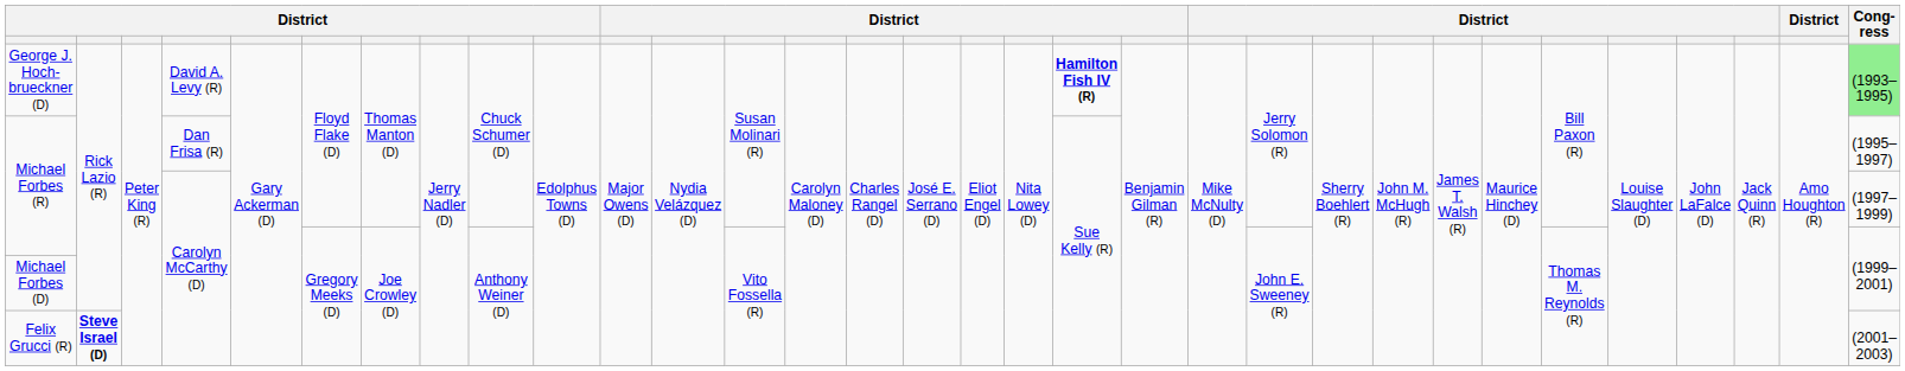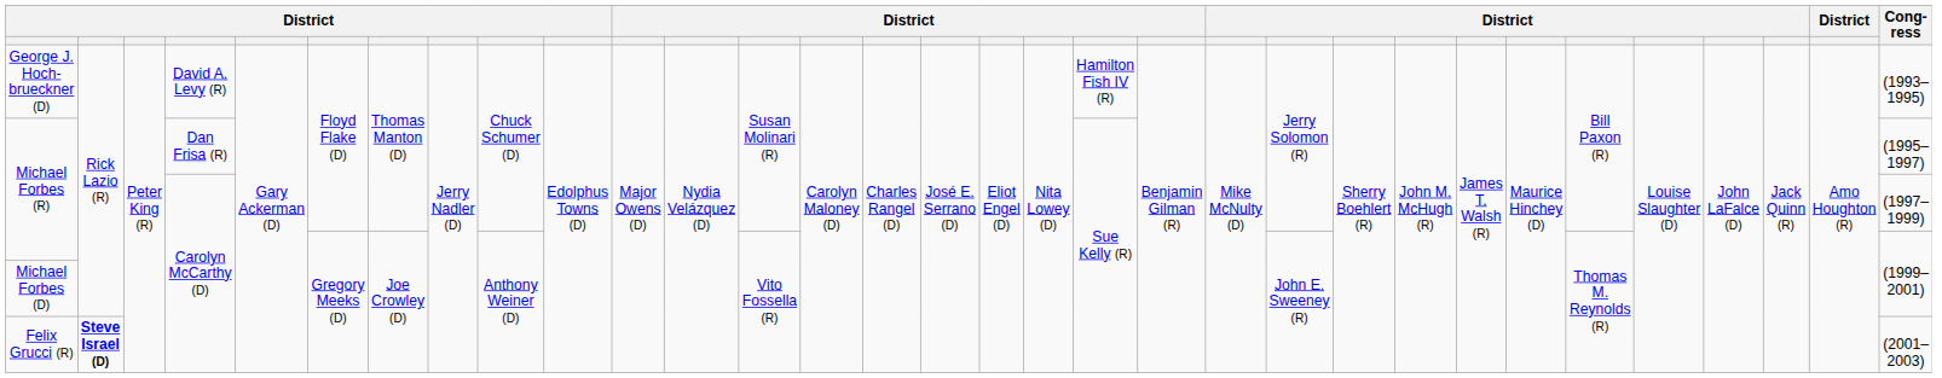 <table class=wikitable style="text-align:center">
 <tr>
 <th colspan=10>District</th>
 <th colspan=10>District</th>
 <th colspan=10>District</th>
 <th>District</th>
 <th rowspan=2>Cong­ress</th>
 </tr>
 <tr>
 <th></th>
 <th></th>
 <th></th>
 <th></th>
 <th></th>
 <th></th>
 <th></th>
 <th></th>
 <th></th>
 <th></th>
 <th></th>
 <th></th>
 <th></th>
 <th></th>
 <th></th>
 <th></th>
 <th></th>
 <th></th>
 <th></th>
 <th></th>
 <th></th>
 <th></th>
 <th></th>
 <th></th>
 <th></th>
 <th></th>
 <th></th>
 <th></th>
 <th></th>
 <th></th>
 <th></th>
 </tr>
 <tr style="height:2em">
 <td><a href='#'>George J. Hoch-<br>brueckner</a> <small>(D)</small></td>
 <td rowspan=5 ><a href='#'>Rick<br>Lazio</a> <small>(R)</small></td>
 <td rowspan=6 ><a href='#'>Peter<br>King</a><br><small>(R)</small></td>
 <td><a href='#'>David A.<br>Levy</a> <small>(R)</small></td>
 <td rowspan=6 ><a href='#'>Gary<br>Ackerman</a><br><small>(D)</small></td>
 <td rowspan=3 ><a href='#'>Floyd<br>Flake</a><br><small>(D)</small></td>
 <td rowspan=3 ><a href='#'>Thomas<br>Manton</a><br><small>(D)</small></td>
 <td rowspan=6 ><a href='#'>Jerry<br>Nadler</a><br><small>(D)</small></td>
 <td rowspan=3 ><a href='#'>Chuck<br>Schumer</a><br><small>(D)</small></td>
 <td rowspan=6 ><a href='#'>Edolphus<br>Towns</a><br><small>(D)</small></td>
 <td rowspan=6 ><a href='#'>Major<br>Owens</a><br><small>(D)</small></td>
 <td rowspan=6 ><a href='#'>Nydia<br>Velázquez</a><br><small>(D)</small></td>
 <td rowspan=3 ><a href='#'>Susan<br>Molinari</a><br><small>(R)</small></td>
 <td rowspan=6 ><a href='#'>Carolyn<br>Maloney</a><br><small>(D)</small></td>
 <td rowspan=6 ><a href='#'>Charles<br>Rangel</a><br><small>(D)</small></td>
 <td rowspan=6 ><a href='#'>José E.<br>Serrano</a><br><small>(D)</small></td>
 <td rowspan=6 ><a href='#'>Eliot<br>Engel</a><br><small>(D)</small></td>
 <td rowspan=6 ><a href='#'>Nita<br>Lowey</a><br><small>(D)</small></td>
-<td><strong><a href='#'>Hamilton<br>Fish IV</a> <small>(R)</small></strong></td>
+<td><a href='#'>Hamilton<br>Fish IV</a> <small>(R)</small></td>
 <td rowspan=6 ><a href='#'>Benjamin<br>Gilman</a><br><small>(R)</small></td>
 <td rowspan=6 ><a href='#'>Mike<br>McNulty</a><br><small>(D)</small></td>
 <td rowspan=3 ><a href='#'>Jerry<br>Solomon</a><br><small>(R)</small></td>
 <td rowspan=6 ><a href='#'>Sherry<br>Boehlert</a><br><small>(R)</small></td>
 <td rowspan=6 ><a href='#'>John M.<br>McHugh</a><br><small>(R)</small></td>
 <td rowspan=6 ><a href='#'>James<br>T.<br>Walsh</a><br><small>(R)</small></td>
 <td rowspan=6 ><a href='#'>Maurice<br>Hinchey</a><br><small>(D)</small></td>
 <td rowspan=3 ><a href='#'>Bill<br>Paxon</a><br><small>(R)</small></td>
 <td rowspan=6 ><a href='#'>Louise<br>Slaughter</a><br><small>(D)</small></td>
 <td rowspan=6 ><a href='#'>John<br>LaFalce</a><br><small>(D)</small></td>
 <td rowspan=6 ><a href='#'>Jack<br>Quinn</a><br><small>(R)</small></td>
 <td rowspan=6 ><a href='#'>Amo<br>Houghton</a><br><small>(R)</small></td>
-<td style="background: lightgreen;"><strong></strong><br>(1993–1995)</td>
+<td><strong></strong><br>(1993–1995)</td>
 </tr>
 <tr style="height:2em">
 <td rowspan=3 ><a href='#'>Michael<br>Forbes</a> <small>(R)</small></td>
 <td><a href='#'>Dan<br>Frisa</a> <small>(R)</small></td>
 <td rowspan=6 ><a href='#'>Sue<br>Kelly</a> <small>(R)</small></td>
 <td><strong></strong><br>(1995–1997)</td>
 </tr>
 <tr style="height:2em">
 <td rowspan=4 ><a href='#'>Carolyn<br>McCarthy</a><br><small>(D)</small></td>
 <td><strong></strong><br>(1997–1999)</td>
 </tr>
 <tr style="height:2em">
 <td rowspan=3 ><a href='#'>Gregory<br>Meeks</a><br><small>(D)</small></td>
 <td rowspan=3 ><a href='#'>Joe<br>Crowley</a><br><small>(D)</small></td>
 <td rowspan=3 ><a href='#'>Anthony<br>Weiner</a><br><small>(D)</small></td>
 <td rowspan=3 ><a href='#'>Vito<br>Fossella</a><br><small>(R)</small></td>
 <td rowspan=3 ><a href='#'>John E.<br>Sweeney</a><br><small>(R)</small></td>
 <td rowspan=3 ><a href='#'>Thomas<br>M.<br>Reynolds</a><br><small>(R)</small></td>
 <td rowspan=2><strong></strong><br>(1999–2001)</td>
 </tr>
 <tr style="height:2em">
 <td><a href='#'>Michael Forbes</a> <small>(D)</small></td>
 </tr>
 <tr style="height:2em">
 <td><a href='#'>Felix<br>Grucci</a> <small>(R)</small></td>
 <td><strong><a href='#'>Steve<br>Israel</a> <small>(D)</small></strong></td>
 <td><strong></strong><br>(2001–2003)</td>
 </tr>
 </table>
